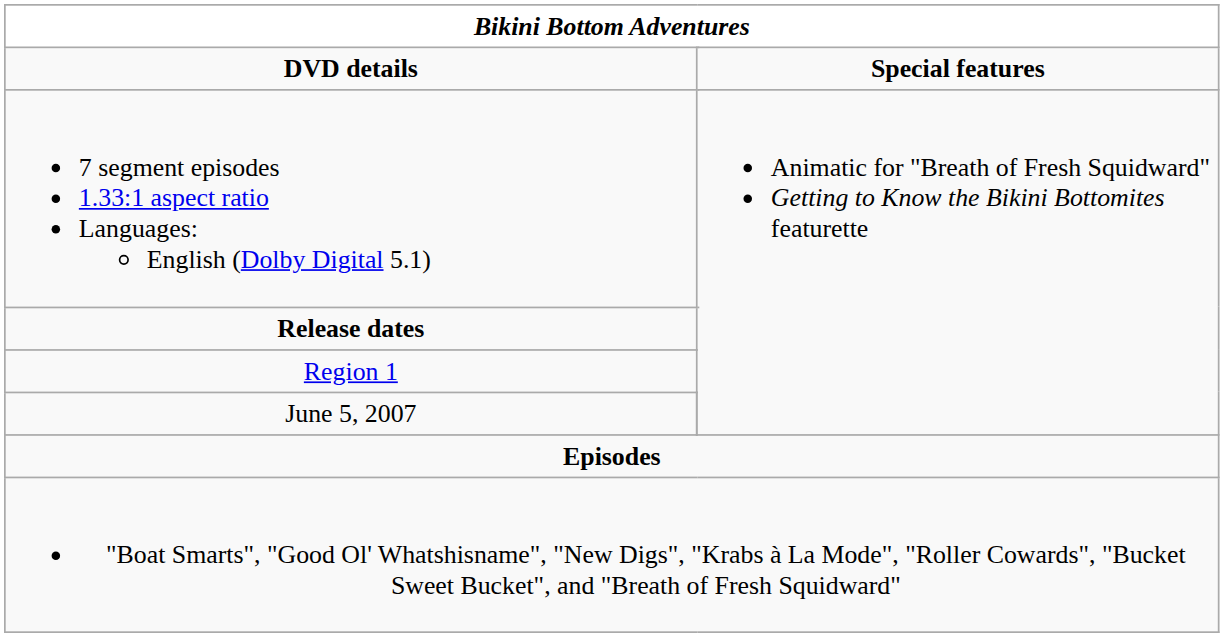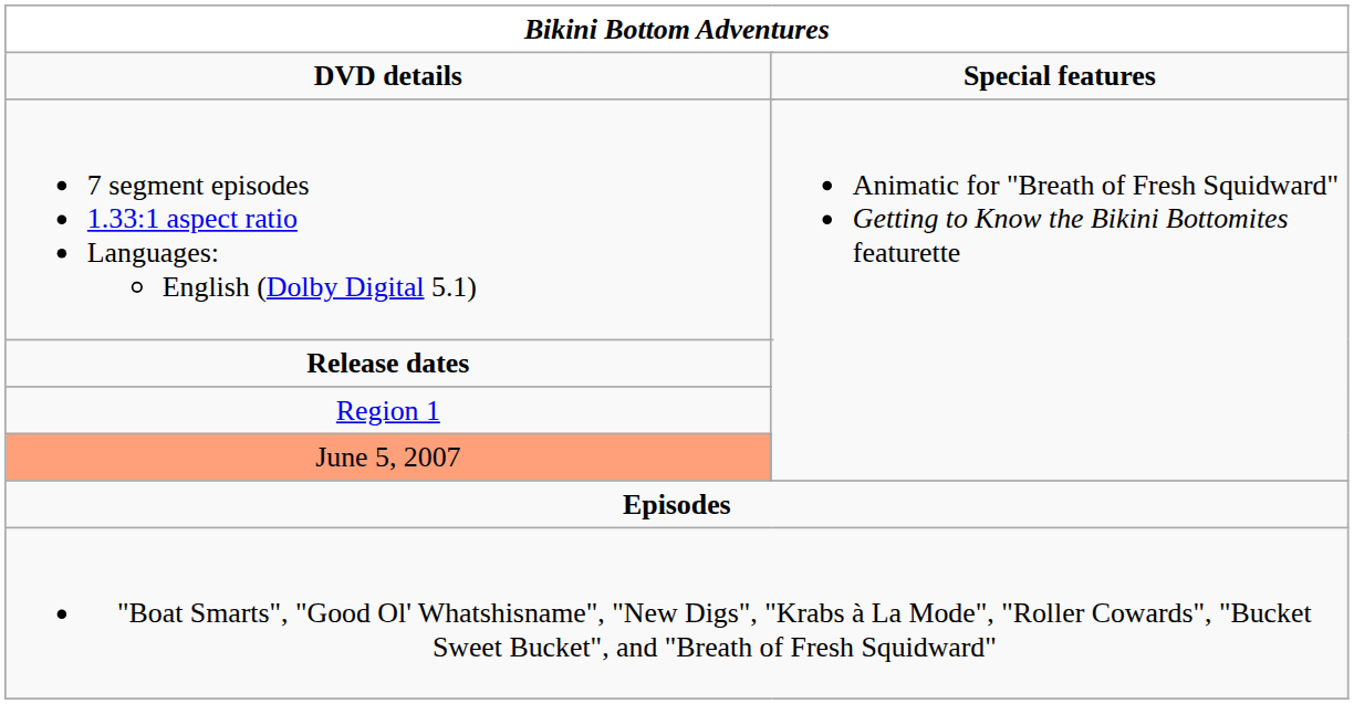 <table class="wikitable" style="font-size: 95%;">
 <tr style="background:#FFF; color:#000;">
 <td colspan="4" align="center"><strong><em>Bikini Bottom Adventures</em></strong></td>
 </tr>
 <tr valign="top">
 <td style="text-align:center; width:400px;" colspan="3"><strong>DVD details</strong></td>
 <td style="width:300px; text-align:center;"><strong>Special features</strong></td>
 </tr>
 <tr valign="top">
 <td colspan="3" style="text-align:left; width:400px;"><br><ul><li>7 segment episodes</li><li><a href='#'>1.33:1 aspect ratio</a></li><li>Languages:<ul><li>English (<a href='#'>Dolby Digital</a> 5.1)</li></ul></li></ul></td>
 <td rowspan="4" style="text-align:left; width:300px;"><br><ul><li>Animatic for "Breath of Fresh Squidward"</li><li><em>Getting to Know the Bikini Bottomites</em> featurette</li></ul></td>
 </tr>
 <tr>
 <td colspan="3" style="text-align:center;"><strong>Release dates</strong></td>
 </tr>
 <tr>
 <td colspan="3" style="text-align:center;"><a href='#'>Region 1</a></td>
 </tr>
 <tr style="text-align:center;">
-<td>June 5, 2007</td>
+<td style="background: lightsalmon;">June 5, 2007</td>
 </tr>
 <tr>
 <td style="text-align:center; width:400px;" colspan="4"><strong>Episodes</strong></td>
 </tr>
 <tr>
 <td style="text-align:center; width:400px;" colspan="4"><br><ul><li>"Boat Smarts", "Good Ol' Whatshisname", "New Digs", "Krabs à La Mode", "Roller Cowards", "Bucket Sweet Bucket", and "Breath of Fresh Squidward"</li></ul></td>
 </tr>
 </table>
